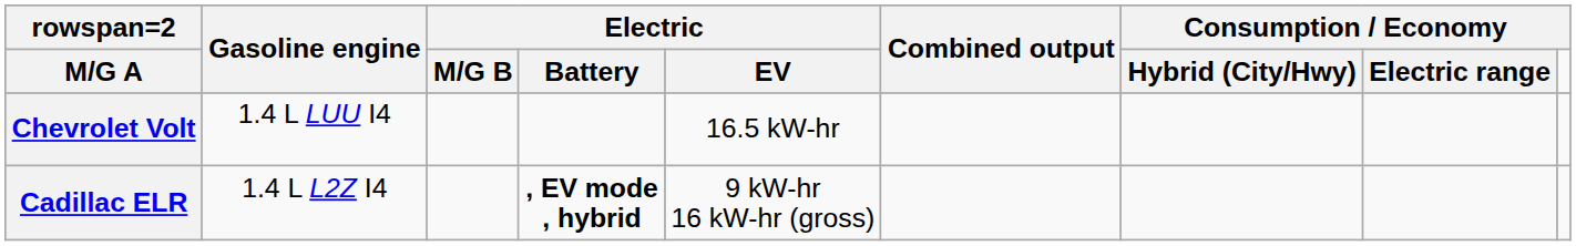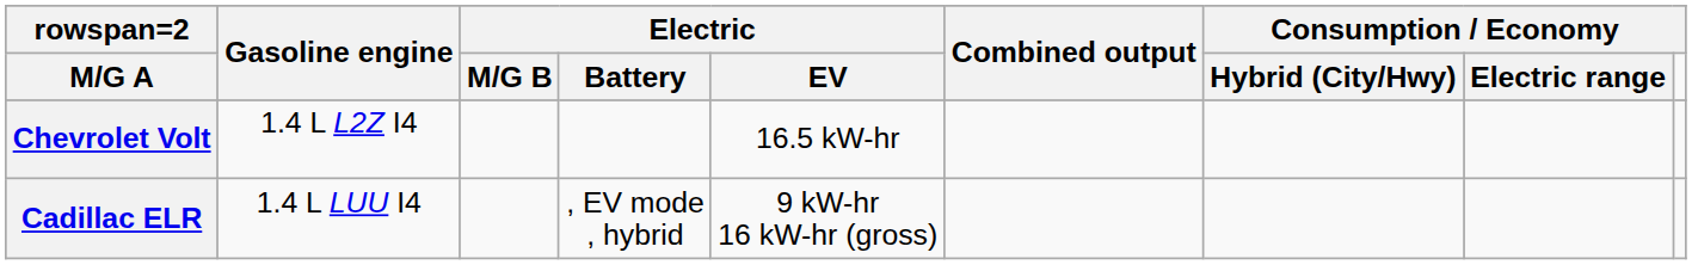 <table class="wikitable" style="font-size:90%;text-align:center;">
 <tr>
 <th>rowspan=2 </th>
 <th rowspan=2>Gasoline engine</th>
 <th colspan=3>Electric</th>
 <th rowspan=2>Combined output</th>
 <th colspan=3>Consumption / Economy</th>
 </tr>
 <tr>
 <th>M/G A</th>
 <th>M/G B</th>
 <th>Battery</th>
 <th>EV</th>
 <th>Hybrid (City/Hwy)</th>
 <th>Electric range</th>
 </tr>
 <tr>
 <th><a href='#'>Chevrolet Volt</a></th>
-<td>1.4 L <a href='#'><em>LUU</em></a> I4<br><br></td>
+<td>1.4 L <a href='#'><em>L2Z</em></a> I4<br><br></td>
 <td><br></td>
 <td><br></td>
 <td>16.5 kW-hr</td>
 <td><br></td>
 <td></td>
 <td></td>
 <td></td>
 </tr>
 <tr>
 <th><a href='#'>Cadillac ELR</a></th>
-<td>1.4 L <a href='#'><em>L2Z</em></a> I4<br><br></td>
+<td>1.4 L <a href='#'><em>LUU</em></a> I4<br><br></td>
 <td><br></td>
-<td><strong>, EV mode<br>, hybrid<br></strong></td>
+<td>, EV mode<br>, hybrid<br></td>
 <td>9 kW-hr<br>16 kW-hr (gross)</td>
 <td><br></td>
 <td></td>
 <td></td>
 <td></td>
 </tr>
 </table>
